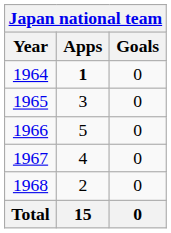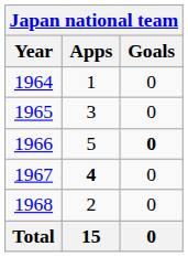 <table class="wikitable" style="text-align:center">
 <tr>
 <th colspan=3><a href='#'>Japan national team</a></th>
 </tr>
 <tr>
 <th>Year</th>
 <th>Apps</th>
 <th>Goals</th>
 </tr>
 <tr>
 <td><a href='#'>1964</a></td>
-<td><strong>1</strong></td>
+<td>1</td>
 <td>0</td>
 </tr>
 <tr>
 <td><a href='#'>1965</a></td>
 <td>3</td>
 <td>0</td>
 </tr>
 <tr>
 <td><a href='#'>1966</a></td>
 <td>5</td>
-<td>0</td>
+<td><strong>0</strong></td>
 </tr>
 <tr>
 <td><a href='#'>1967</a></td>
-<td>4</td>
+<td><strong>4</strong></td>
 <td>0</td>
 </tr>
 <tr>
 <td><a href='#'>1968</a></td>
 <td>2</td>
 <td>0</td>
 </tr>
 <tr>
 <th>Total</th>
 <th>15</th>
 <th>0</th>
 </tr>
 </table>
